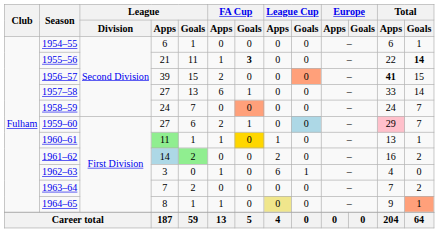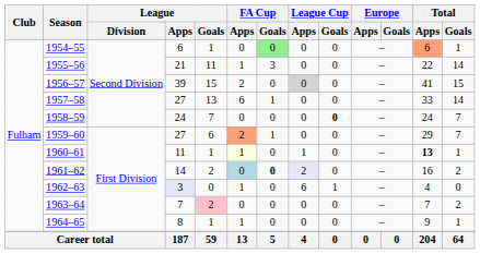 <table class="wikitable" style="text-align:center">
 <tr>
 <th rowspan="2">Club</th>
 <th rowspan="2">Season</th>
 <th colspan="3">League</th>
 <th colspan="2"><a href='#'>FA Cup</a></th>
 <th colspan="2"><a href='#'>League Cup</a></th>
 <th colspan="2"><a href='#'>Europe</a></th>
 <th colspan="2">Total</th>
 </tr>
 <tr>
 <th>Division</th>
 <th>Apps</th>
 <th>Goals</th>
 <th>Apps</th>
 <th>Goals</th>
 <th>Apps</th>
 <th>Goals</th>
 <th>Apps</th>
 <th>Goals</th>
 <th>Apps</th>
 <th>Goals</th>
 </tr>
 <tr>
 <td rowspan="11"><a href='#'>Fulham</a></td>
 <td><a href='#'>1954–55</a></td>
 <td rowspan="5"><a href='#'>Second Division</a></td>
 <td>6</td>
 <td>1</td>
 <td>0</td>
-<td>0</td>
+<td style="background: lightgreen;">0</td>
 <td>0</td>
 <td>0</td>
 <td colspan="2">–</td>
-<td>6</td>
+<td style="background: lightsalmon;">6</td>
 <td>1</td>
 </tr>
 <tr>
 <td><a href='#'>1955–56</a></td>
 <td>21</td>
 <td>11</td>
 <td>1</td>
-<td><strong>3</strong></td>
+<td>3</td>
 <td>0</td>
 <td>0</td>
 <td colspan="2">–</td>
 <td>22</td>
-<td><strong>14</strong></td>
+<td>14</td>
 </tr>
 <tr>
 <td><a href='#'>1956–57</a></td>
 <td>39</td>
 <td>15</td>
 <td>2</td>
 <td>0</td>
+<td style="background: lightgrey;">0</td>
 <td>0</td>
-<td style="background: lightsalmon;">0</td>
 <td colspan="2">–</td>
-<td><strong>41</strong></td>
+<td>41</td>
 <td>15</td>
 </tr>
 <tr>
 <td><a href='#'>1957–58</a></td>
 <td>27</td>
 <td>13</td>
 <td>6</td>
 <td>1</td>
 <td>0</td>
 <td>0</td>
 <td colspan="2">–</td>
 <td>33</td>
 <td>14</td>
 </tr>
 <tr>
 <td><a href='#'>1958–59</a></td>
 <td>24</td>
 <td>7</td>
 <td>0</td>
-<td style="background: lightsalmon;">0</td>
 <td>0</td>
 <td>0</td>
+<td><strong>0</strong></td>
 <td colspan="2">–</td>
 <td>24</td>
 <td>7</td>
 </tr>
 <tr>
 <td><a href='#'>1959–60</a></td>
 <td rowspan="6"><a href='#'>First Division</a></td>
 <td>27</td>
 <td>6</td>
-<td>2</td>
+<td style="background: lightsalmon;">2</td>
 <td>1</td>
 <td>0</td>
-<td style="background: lightblue;">0</td>
+<td>0</td>
 <td colspan="2">–</td>
-<td style="background: pink;">29</td>
+<td>29</td>
 <td>7</td>
 </tr>
 <tr>
 <td><a href='#'>1960–61</a></td>
-<td style="background: lightgreen;">11</td>
+<td>11</td>
 <td>1</td>
-<td>1</td>
-<td style="background: gold;">0</td>
+<td style="background: lightyellow;">1</td>
+<td>0</td>
 <td>1</td>
 <td>0</td>
 <td colspan="2">–</td>
-<td>13</td>
+<td><strong>13</strong></td>
 <td>1</td>
 </tr>
 <tr>
 <td><a href='#'>1961–62</a></td>
-<td style="background: lightblue;">14</td>
-<td style="background: lightgreen;">2</td>
-<td>0</td>
-<td>0</td>
+<td>14</td>
 <td>2</td>
+<td style="background: lightblue;">0</td>
+<td><strong>0</strong></td>
+<td style="background: lavender;">2</td>
 <td>0</td>
 <td colspan="2">–</td>
 <td>16</td>
 <td>2</td>
 </tr>
 <tr>
 <td><a href='#'>1962–63</a></td>
-<td>3</td>
+<td style="background: lavender;">3</td>
 <td>0</td>
 <td>1</td>
 <td>0</td>
 <td>6</td>
 <td>1</td>
 <td colspan="2">–</td>
 <td>4</td>
 <td>0</td>
 </tr>
 <tr>
 <td><a href='#'>1963–64</a></td>
 <td>7</td>
-<td>2</td>
+<td style="background: pink;">2</td>
 <td>0</td>
 <td>0</td>
 <td>0</td>
 <td>0</td>
 <td colspan="2">–</td>
 <td>7</td>
 <td>2</td>
 </tr>
 <tr>
 <td><a href='#'>1964–65</a></td>
 <td>8</td>
 <td>1</td>
 <td>1</td>
 <td>0</td>
-<td style="background: khaki;">0</td>
+<td>0</td>
 <td>0</td>
 <td colspan="2">–</td>
 <td>9</td>
-<td style="background: lightsalmon;">1</td>
+<td>1</td>
 </tr>
 <tr>
 </tr>
 <tr>
 <th colspan="3">Career total</th>
 <th>187</th>
 <th>59</th>
 <th>13</th>
 <th>5</th>
 <th>4</th>
 <th>0</th>
 <th>0</th>
 <th>0</th>
 <th>204</th>
 <th>64</th>
 </tr>
 </table>
